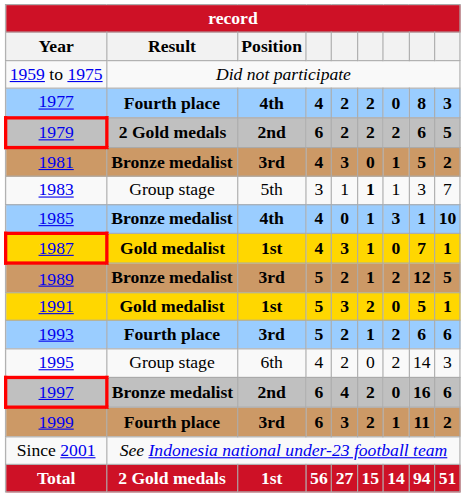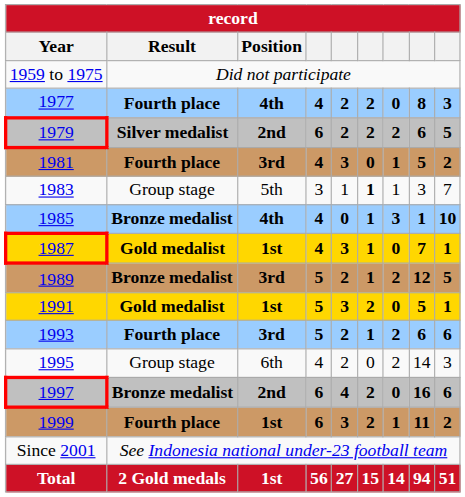 <table class="wikitable" style="text-align: center;">
 <tr>
 <th colspan=9 style="background: #CE1126; color: #FFFFFF;"><a href='#'></a> record</th>
 </tr>
 <tr>
 <th>Year</th>
 <th>Result</th>
 <th>Position</th>
 <th></th>
 <th></th>
 <th></th>
 <th></th>
 <th></th>
 <th></th>
 </tr>
 <tr>
 <td><a href='#'>1959</a> to <a href='#'>1975</a></td>
 <td colspan=8><em>Did not participate</em></td>
 </tr>
 <tr style="background:#9acdff;">
 <td> <a href='#'>1977</a></td>
 <td><strong>Fourth place</strong></td>
 <td><strong>4th</strong></td>
 <td><strong>4</strong></td>
 <td><strong>2</strong></td>
 <td><strong>2</strong></td>
 <td><strong>0</strong></td>
 <td><strong>8</strong></td>
 <td><strong>3</strong></td>
 </tr>
 <tr style="background:silver;">
 <td style="border: 3px solid red"> <a href='#'>1979</a></td>
-<td><strong>2 Gold medals</strong></td>
+<td><strong>Silver medalist</strong></td>
 <td><strong>2nd</strong></td>
 <td><strong>6</strong></td>
 <td><strong>2</strong></td>
 <td><strong>2</strong></td>
 <td><strong>2</strong></td>
 <td><strong>6</strong></td>
 <td><strong>5</strong></td>
 </tr>
 <tr style="background:#c96;">
 <td> <a href='#'>1981</a></td>
-<td><strong>Bronze medalist</strong></td>
+<td><strong>Fourth place</strong></td>
 <td><strong>3rd</strong></td>
 <td><strong>4</strong></td>
 <td><strong>3</strong></td>
 <td><strong>0</strong></td>
 <td><strong>1</strong></td>
 <td><strong>5</strong></td>
 <td><strong>2</strong></td>
 </tr>
 <tr>
 <td> <a href='#'>1983</a></td>
 <td>Group stage</td>
 <td>5th</td>
 <td>3</td>
 <td>1</td>
 <td><strong>1</strong></td>
 <td>1</td>
 <td>3</td>
 <td>7</td>
 </tr>
 <tr style="background:#9acdff;">
 <td> <a href='#'>1985</a></td>
 <td><strong>Bronze medalist</strong></td>
 <td><strong>4th</strong></td>
 <td><strong>4</strong></td>
 <td><strong>0</strong></td>
 <td><strong>1</strong></td>
 <td><strong>3</strong></td>
 <td><strong>1</strong></td>
 <td><strong>10</strong></td>
 </tr>
 <tr style="background:gold;">
 <td style="border: 3px solid red"> <a href='#'>1987</a></td>
 <td><strong>Gold medalist</strong></td>
 <td><strong>1st</strong></td>
 <td><strong>4</strong></td>
 <td><strong>3</strong></td>
 <td><strong>1</strong></td>
 <td><strong>0</strong></td>
 <td><strong>7</strong></td>
 <td><strong>1</strong></td>
 </tr>
 <tr style="background:#c96;">
 <td> <a href='#'>1989</a></td>
 <td><strong>Bronze medalist</strong></td>
 <td><strong>3rd</strong></td>
 <td><strong>5</strong></td>
 <td><strong>2</strong></td>
 <td><strong>1</strong></td>
 <td><strong>2</strong></td>
 <td><strong>12</strong></td>
 <td><strong>5</strong></td>
 </tr>
 <tr style="background:gold;">
 <td> <a href='#'>1991</a></td>
 <td><strong>Gold medalist</strong></td>
 <td><strong>1st</strong></td>
 <td><strong>5</strong></td>
 <td><strong>3</strong></td>
 <td><strong>2</strong></td>
 <td><strong>0</strong></td>
 <td><strong>5</strong></td>
 <td><strong>1</strong></td>
 </tr>
 <tr style="background:#9acdff;">
 <td> <a href='#'>1993</a></td>
 <td><strong>Fourth place</strong></td>
 <td><strong>3rd</strong></td>
 <td><strong>5</strong></td>
 <td><strong>2</strong></td>
 <td><strong>1</strong></td>
 <td><strong>2</strong></td>
 <td><strong>6</strong></td>
 <td><strong>6</strong></td>
 </tr>
 <tr>
 <td> <a href='#'>1995</a></td>
 <td>Group stage</td>
 <td>6th</td>
 <td>4</td>
 <td>2</td>
 <td>0</td>
 <td>2</td>
 <td>14</td>
 <td>3</td>
 </tr>
 <tr style="background:silver;">
 <td style="border: 3px solid red"> <a href='#'>1997</a></td>
 <td><strong>Bronze medalist</strong></td>
 <td><strong>2nd</strong></td>
 <td><strong>6</strong></td>
 <td><strong>4</strong></td>
 <td><strong>2</strong></td>
 <td><strong>0</strong></td>
 <td><strong>16</strong></td>
 <td><strong>6</strong></td>
 </tr>
 <tr style="background:#c96;">
 <td> <a href='#'>1999</a></td>
 <td><strong>Fourth place</strong></td>
-<td><strong>3rd</strong></td>
+<td><strong>1st</strong></td>
 <td><strong>6</strong></td>
 <td><strong>3</strong></td>
 <td><strong>2</strong></td>
 <td><strong>1</strong></td>
 <td><strong>11</strong></td>
 <td><strong>2</strong></td>
 </tr>
 <tr>
 <td>Since <a href='#'>2001</a></td>
 <td colspan=9><em>See <a href='#'>Indonesia national under-23 football team</a></em></td>
 </tr>
 <tr style="background: #CE1126; color: #FFFFFF;|">
 <td><strong>Total</strong></td>
 <td><strong>2 Gold medals</strong></td>
 <td><strong>1st</strong></td>
 <td><strong>56</strong></td>
 <td><strong>27</strong></td>
 <td><strong>15</strong></td>
 <td><strong>14</strong></td>
 <td><strong>94</strong></td>
 <td><strong>51</strong></td>
 </tr>
 </table>
